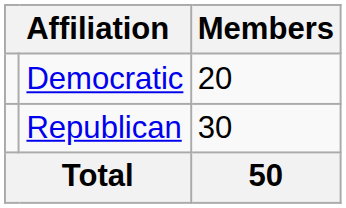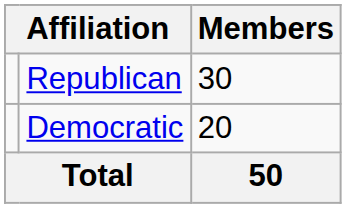 <table class="wikitable">
 <tr>
 <th colspan="2">Affiliation</th>
 <th>Members</th>
 </tr>
 <tr>
 <td style="background-color:"></td>
-<td><a href='#'>Democratic</a></td>
-<td>20</td>
+<td><a href='#'>Republican</a></td>
+<td>30</td>
 </tr>
 <tr>
 <td style="background-color:"></td>
-<td><a href='#'>Republican</a></td>
-<td>30</td>
+<td><a href='#'>Democratic</a></td>
+<td>20</td>
 </tr>
 <tr>
 <th colspan="2">Total</th>
 <th>50</th>
 </tr>
 </table>
